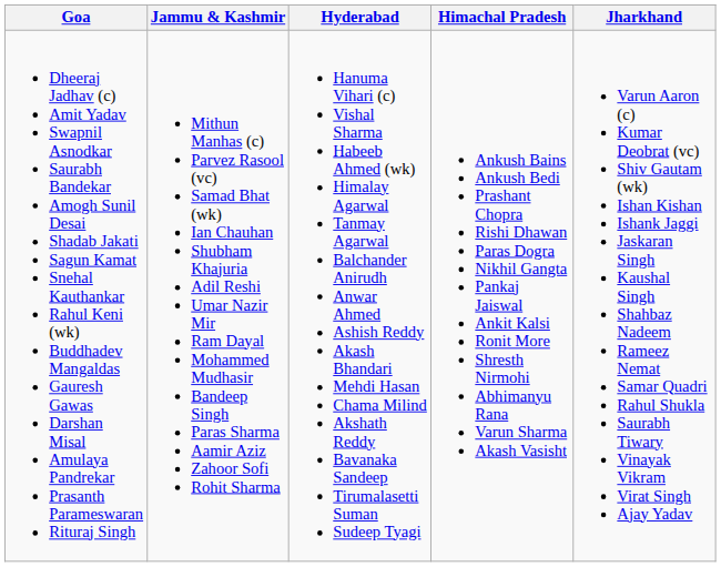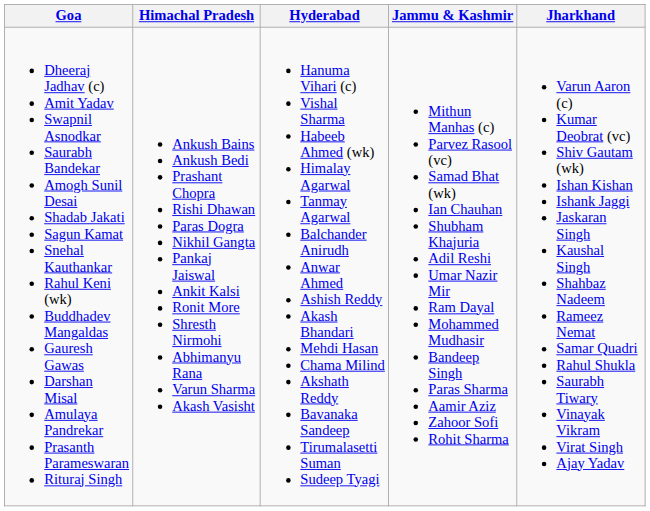 <table class="wikitable">
 <tr>
 <th style="width: 100pt;"><a href='#'>Goa</a></th>
+<th style="width: 100pt;"><a href='#'>Himachal Pradesh</a></th>
+<th style="width: 100pt;"><a href='#'>Hyderabad</a></th>
 <th style="width: 100pt;"><a href='#'>Jammu & Kashmir</a></th>
-<th style="width: 100pt;"><a href='#'>Hyderabad</a></th>
-<th style="width: 100pt;"><a href='#'>Himachal Pradesh</a></th>
 <th style="width: 100pt;"><a href='#'>Jharkhand</a></th>
 </tr>
 <tr>
 <td><br><ul><li><a href='#'>Dheeraj Jadhav</a> (c)</li><li><a href='#'>Amit Yadav</a></li><li><a href='#'>Swapnil Asnodkar</a></li><li><a href='#'>Saurabh Bandekar</a></li><li><a href='#'>Amogh Sunil Desai</a></li><li><a href='#'>Shadab Jakati</a></li><li><a href='#'>Sagun Kamat</a></li><li><a href='#'>Snehal Kauthankar</a></li><li><a href='#'>Rahul Keni</a> (wk)</li><li><a href='#'>Buddhadev Mangaldas</a></li><li><a href='#'>Gauresh Gawas</a></li><li><a href='#'>Darshan Misal</a></li><li><a href='#'>Amulaya Pandrekar</a></li><li><a href='#'>Prasanth Parameswaran</a></li><li><a href='#'>Rituraj Singh</a></li></ul></td>
+<td><br><ul><li><a href='#'>Ankush Bains</a></li><li><a href='#'>Ankush Bedi</a></li><li><a href='#'>Prashant Chopra</a></li><li><a href='#'>Rishi Dhawan</a></li><li><a href='#'>Paras Dogra</a></li><li><a href='#'>Nikhil Gangta</a></li><li><a href='#'>Pankaj Jaiswal</a></li><li><a href='#'>Ankit Kalsi</a></li><li><a href='#'>Ronit More</a></li><li><a href='#'>Shresth Nirmohi</a></li><li><a href='#'>Abhimanyu Rana</a></li><li><a href='#'>Varun Sharma</a></li><li><a href='#'>Akash Vasisht</a></li></ul></td>
+<td><br><ul><li><a href='#'>Hanuma Vihari</a> (c)</li><li><a href='#'>Vishal Sharma</a></li><li><a href='#'>Habeeb Ahmed</a> (wk)</li><li><a href='#'>Himalay Agarwal</a></li><li><a href='#'>Tanmay Agarwal</a></li><li><a href='#'>Balchander Anirudh</a></li><li><a href='#'>Anwar Ahmed</a></li><li><a href='#'>Ashish Reddy</a></li><li><a href='#'>Akash Bhandari</a></li><li><a href='#'>Mehdi Hasan</a></li><li><a href='#'>Chama Milind</a></li><li><a href='#'>Akshath Reddy</a></li><li><a href='#'>Bavanaka Sandeep</a></li><li><a href='#'>Tirumalasetti Suman</a></li><li><a href='#'>Sudeep Tyagi</a></li></ul></td>
 <td><br><ul><li><a href='#'>Mithun Manhas</a> (c)</li><li><a href='#'>Parvez Rasool</a> (vc)</li><li><a href='#'>Samad Bhat</a> (wk)</li><li><a href='#'>Ian Chauhan</a></li><li><a href='#'>Shubham Khajuria</a></li><li><a href='#'>Adil Reshi</a></li><li><a href='#'>Umar Nazir Mir</a></li><li><a href='#'>Ram Dayal</a></li><li><a href='#'>Mohammed Mudhasir</a></li><li><a href='#'>Bandeep Singh</a></li><li><a href='#'>Paras Sharma</a></li><li><a href='#'>Aamir Aziz</a></li><li><a href='#'>Zahoor Sofi</a></li><li><a href='#'>Rohit Sharma</a></li></ul></td>
-<td><br><ul><li><a href='#'>Hanuma Vihari</a> (c)</li><li><a href='#'>Vishal Sharma</a></li><li><a href='#'>Habeeb Ahmed</a> (wk)</li><li><a href='#'>Himalay Agarwal</a></li><li><a href='#'>Tanmay Agarwal</a></li><li><a href='#'>Balchander Anirudh</a></li><li><a href='#'>Anwar Ahmed</a></li><li><a href='#'>Ashish Reddy</a></li><li><a href='#'>Akash Bhandari</a></li><li><a href='#'>Mehdi Hasan</a></li><li><a href='#'>Chama Milind</a></li><li><a href='#'>Akshath Reddy</a></li><li><a href='#'>Bavanaka Sandeep</a></li><li><a href='#'>Tirumalasetti Suman</a></li><li><a href='#'>Sudeep Tyagi</a></li></ul></td>
-<td><br><ul><li><a href='#'>Ankush Bains</a></li><li><a href='#'>Ankush Bedi</a></li><li><a href='#'>Prashant Chopra</a></li><li><a href='#'>Rishi Dhawan</a></li><li><a href='#'>Paras Dogra</a></li><li><a href='#'>Nikhil Gangta</a></li><li><a href='#'>Pankaj Jaiswal</a></li><li><a href='#'>Ankit Kalsi</a></li><li><a href='#'>Ronit More</a></li><li><a href='#'>Shresth Nirmohi</a></li><li><a href='#'>Abhimanyu Rana</a></li><li><a href='#'>Varun Sharma</a></li><li><a href='#'>Akash Vasisht</a></li></ul></td>
 <td><br><ul><li><a href='#'>Varun Aaron</a> (c)</li><li><a href='#'>Kumar Deobrat</a> (vc)</li><li><a href='#'>Shiv Gautam</a> (wk)</li><li><a href='#'>Ishan Kishan</a></li><li><a href='#'>Ishank Jaggi</a></li><li><a href='#'>Jaskaran Singh</a></li><li><a href='#'>Kaushal Singh</a></li><li><a href='#'>Shahbaz Nadeem</a></li><li><a href='#'>Rameez Nemat</a></li><li><a href='#'>Samar Quadri</a></li><li><a href='#'>Rahul Shukla</a></li><li><a href='#'>Saurabh Tiwary</a></li><li><a href='#'>Vinayak Vikram</a></li><li><a href='#'>Virat Singh</a></li><li><a href='#'>Ajay Yadav</a></li></ul></td>
 </tr>
 </table>
